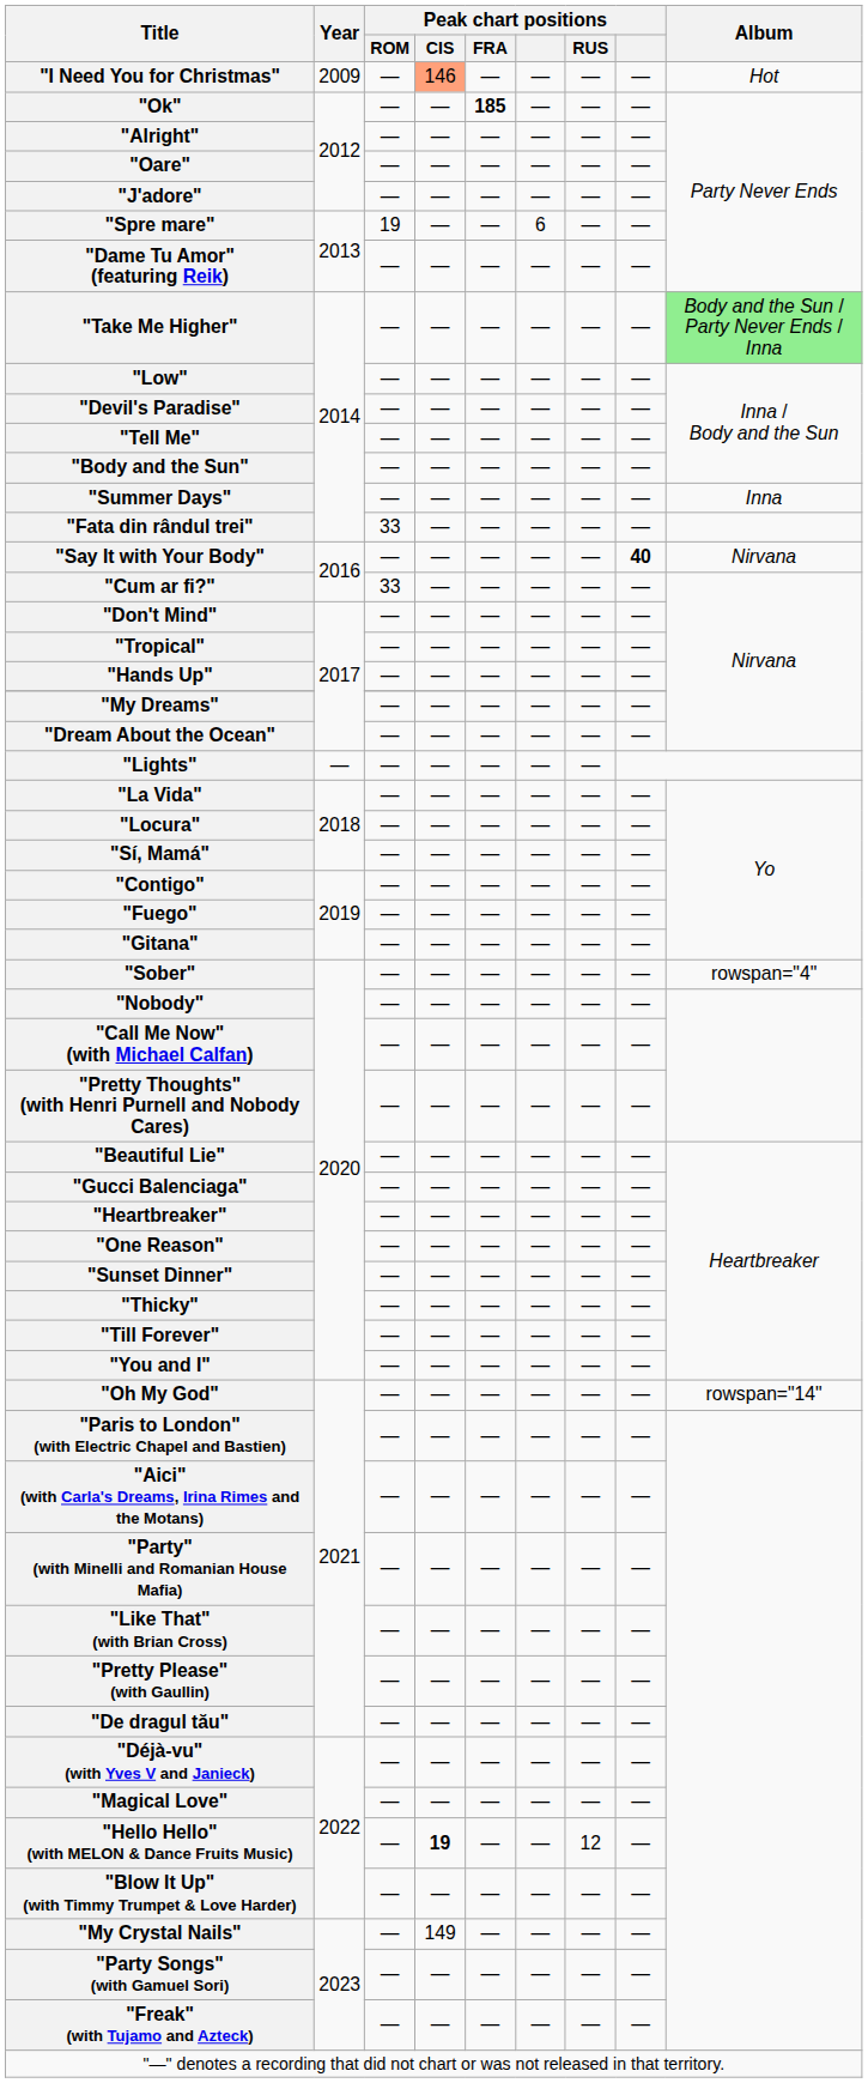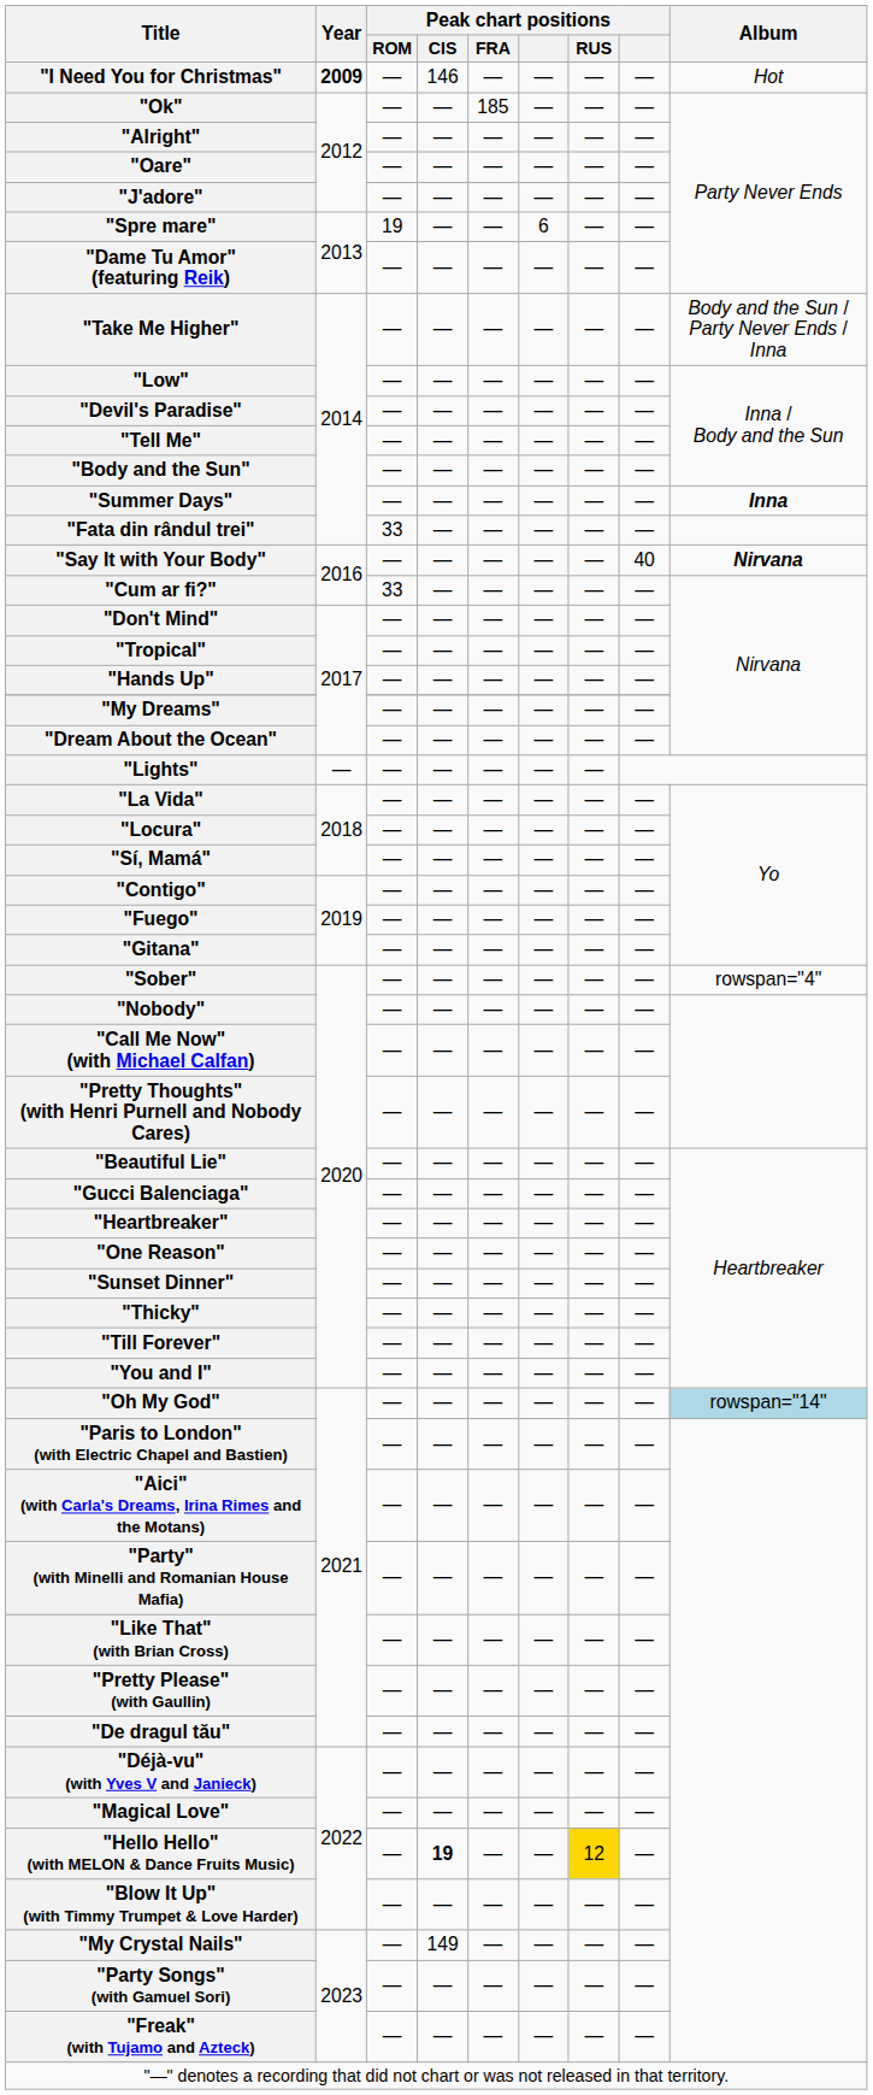 <table class="wikitable plainrowheaders" style="text-align:center;">
 <tr>
 <th scope="col" rowspan="2" style="width:16em;">Title</th>
 <th scope="col" rowspan="2" style="width:1em;">Year</th>
 <th scope="col" colspan="6" style="width:5em;">Peak chart positions</th>
 <th scope="col" rowspan="2" style="width:10em;">Album</th>
 </tr>
 <tr>
 <th scope="col" style="width:2.5em;font-size:90%;">ROM<br></th>
 <th scope="col" style="width:2.5em;font-size:90%;">CIS<br></th>
 <th scope="col" style="width:2.5em;font-size:90%;">FRA<br></th>
 <th scope="col" style="width:2.5em;font-size:90%;"><a href='#'></a><br></th>
 <th scope="col" style="width:2.5em;font-size:90%;">RUS<br></th>
 <th scope="col" style="width:2.5em;font-size:90%;"><a href='#'></a><br></th>
 </tr>
 <tr>
 <th scope="row">"I Need You for Christmas"</th>
-<td rowspan="1">2009</td>
+<td rowspan="1"><strong>2009</strong></td>
 <td>—</td>
-<td style="background: lightsalmon;">146</td>
+<td>146</td>
 <td>—</td>
 <td>—</td>
 <td>—</td>
 <td>—</td>
 <td><em>Hot</em></td>
 </tr>
 <tr>
 <th scope="row">"Ok"</th>
 <td rowspan="4">2012</td>
 <td>—</td>
 <td>—</td>
-<td><strong>185</strong></td>
+<td>185</td>
 <td>—</td>
 <td>—</td>
 <td>—</td>
 <td rowspan="6"><em>Party Never Ends</em></td>
 </tr>
 <tr>
 <th scope="row">"Alright"</th>
 <td>—</td>
 <td>—</td>
 <td>—</td>
 <td>—</td>
 <td>—</td>
 <td>—</td>
 </tr>
 <tr>
 <th scope="row">"Oare"</th>
 <td>—</td>
 <td>—</td>
 <td>—</td>
 <td>—</td>
 <td>—</td>
 <td>—</td>
 </tr>
 <tr>
 <th scope="row">"J'adore"</th>
 <td>—</td>
 <td>—</td>
 <td>—</td>
 <td>—</td>
 <td>—</td>
 <td>—</td>
 </tr>
 <tr>
 <th scope="row">"Spre mare"</th>
 <td rowspan="2">2013</td>
 <td>19</td>
 <td>—</td>
 <td>—</td>
 <td>6</td>
 <td>—</td>
 <td>—</td>
 </tr>
 <tr>
 <th scope="row">"Dame Tu Amor"<br><span>(featuring <a href='#'>Reik</a>)</span></th>
 <td>—</td>
 <td>—</td>
 <td>—</td>
 <td>—</td>
 <td>—</td>
 <td>—</td>
 </tr>
 <tr>
 <th scope="row">"Take Me Higher"</th>
 <td rowspan="7">2014</td>
 <td>—</td>
 <td>—</td>
 <td>—</td>
 <td>—</td>
 <td>—</td>
 <td>—</td>
-<td style="background: lightgreen;"><em>Body and the Sun</em> /<br><em>Party Never Ends</em> /<br> <em>Inna</em></td>
+<td><em>Body and the Sun</em> /<br><em>Party Never Ends</em> /<br> <em>Inna</em></td>
 </tr>
 <tr>
 <th scope="row">"Low"</th>
 <td>—</td>
 <td>—</td>
 <td>—</td>
 <td>—</td>
 <td>—</td>
 <td>—</td>
 <td rowspan="4"><em>Inna</em> /<br><em>Body and the Sun</em></td>
 </tr>
 <tr>
 <th scope="row">"Devil's Paradise"</th>
 <td>—</td>
 <td>—</td>
 <td>—</td>
 <td>—</td>
 <td>—</td>
 <td>—</td>
 </tr>
 <tr>
 <th scope="row">"Tell Me"</th>
 <td>—</td>
 <td>—</td>
 <td>—</td>
 <td>—</td>
 <td>—</td>
 <td>—</td>
 </tr>
 <tr>
 <th scope="row">"Body and the Sun"</th>
 <td>—</td>
 <td>—</td>
 <td>—</td>
 <td>—</td>
 <td>—</td>
 <td>—</td>
 </tr>
 <tr>
 <th scope="row">"Summer Days"</th>
 <td>—</td>
 <td>—</td>
 <td>—</td>
 <td>—</td>
 <td>—</td>
 <td>—</td>
-<td><em>Inna</em></td>
+<td><strong><em>Inna</em></strong></td>
 </tr>
 <tr>
 <th scope="row">"Fata din rândul trei"</th>
 <td>33</td>
 <td>—</td>
 <td>—</td>
 <td>—</td>
 <td>—</td>
 <td>—</td>
 <td></td>
 </tr>
 <tr>
 <th scope="row">"Say It with Your Body"</th>
 <td rowspan="2">2016</td>
 <td>—</td>
 <td>—</td>
 <td>—</td>
 <td>—</td>
 <td>—</td>
-<td><strong>40</strong></td>
-<td><em>Nirvana</em></td>
+<td>40</td>
+<td><strong><em>Nirvana</em></strong></td>
 </tr>
 <tr>
 <th scope="row">"Cum ar fi?"<br></th>
 <td>33</td>
 <td>—</td>
 <td>—</td>
 <td>—</td>
 <td>—</td>
 <td>—</td>
 <td rowspan="7"><em>Nirvana</em></td>
 </tr>
 <tr>
 <th scope="row">"Don't Mind"</th>
 <td rowspan="6">2017</td>
 <td>—</td>
 <td>—</td>
 <td>—</td>
 <td>—</td>
 <td>—</td>
 <td>—</td>
 </tr>
 <tr>
 <th scope="row">"Tropical"</th>
 <td>—</td>
 <td>—</td>
 <td>—</td>
 <td>—</td>
 <td>—</td>
 <td>—</td>
 </tr>
 <tr>
 <th scope="row">"Hands Up"</th>
 <td>—</td>
 <td>—</td>
 <td>—</td>
 <td>—</td>
 <td>—</td>
 <td>—</td>
 </tr>
 <tr>
 </tr>
 <tr>
 <th scope="row">"My Dreams"</th>
 <td>—</td>
 <td>—</td>
 <td>—</td>
 <td>—</td>
 <td>—</td>
 <td>—</td>
 </tr>
 <tr>
 <th scope="row">"Dream About the Ocean"</th>
 <td>—</td>
 <td>—</td>
 <td>—</td>
 <td>—</td>
 <td>—</td>
 <td>—</td>
 </tr>
 <tr>
 <th scope="row">"Lights"</th>
 <td>—</td>
 <td>—</td>
 <td>—</td>
 <td>—</td>
 <td>—</td>
 <td>—</td>
 </tr>
 <tr>
 <th scope="row">"La Vida"</th>
 <td rowspan="3">2018</td>
 <td>—</td>
 <td>—</td>
 <td>—</td>
 <td>—</td>
 <td>—</td>
 <td>—</td>
 <td rowspan="6"><em>Yo</em></td>
 </tr>
 <tr>
 <th scope="row">"Locura"</th>
 <td>—</td>
 <td>—</td>
 <td>—</td>
 <td>—</td>
 <td>—</td>
 <td>—</td>
 </tr>
 <tr>
 <th scope="row">"Sí, Mamá"</th>
 <td>—</td>
 <td>—</td>
 <td>—</td>
 <td>—</td>
 <td>—</td>
 <td>—</td>
 </tr>
 <tr>
 <th scope="row">"Contigo"</th>
 <td rowspan="3">2019</td>
 <td>—</td>
 <td>—</td>
 <td>—</td>
 <td>—</td>
 <td>—</td>
 <td>—</td>
 </tr>
 <tr>
 <th scope="row">"Fuego"</th>
 <td>—</td>
 <td>—</td>
 <td>—</td>
 <td>—</td>
 <td>—</td>
 <td>—</td>
 </tr>
 <tr>
 <th scope="row">"Gitana"</th>
 <td>—</td>
 <td>—</td>
 <td>—</td>
 <td>—</td>
 <td>—</td>
 <td>—</td>
 </tr>
 <tr>
 <th scope="row">"Sober"</th>
 <td rowspan="12">2020</td>
 <td>—</td>
 <td>—</td>
 <td>—</td>
 <td>—</td>
 <td>—</td>
 <td>—</td>
 <td>rowspan="4" </td>
 </tr>
 <tr>
 <th scope="row">"Nobody"</th>
 <td>—</td>
 <td>—</td>
 <td>—</td>
 <td>—</td>
 <td>—</td>
 <td>—</td>
 </tr>
 <tr>
 <th scope="row">"Call Me Now"<br><span>(with <a href='#'>Michael Calfan</a>)</span></th>
 <td>—</td>
 <td>—</td>
 <td>—</td>
 <td>—</td>
 <td>—</td>
 <td>—</td>
 </tr>
 <tr>
 <th scope="row">"Pretty Thoughts"<br><span>(with Henri Purnell and Nobody Cares)</span></th>
 <td>—</td>
 <td>—</td>
 <td>—</td>
 <td>—</td>
 <td>—</td>
 <td>—</td>
 </tr>
 <tr>
 <th scope="row">"Beautiful Lie"</th>
 <td>—</td>
 <td>—</td>
 <td>—</td>
 <td>—</td>
 <td>—</td>
 <td>—</td>
 <td rowspan="8"><em>Heartbreaker</em></td>
 </tr>
 <tr>
 <th scope="row">"Gucci Balenciaga"</th>
 <td>—</td>
 <td>—</td>
 <td>—</td>
 <td>—</td>
 <td>—</td>
 <td>—</td>
 </tr>
 <tr>
 <th scope="row">"Heartbreaker"</th>
 <td>—</td>
 <td>—</td>
 <td>—</td>
 <td>—</td>
 <td>—</td>
 <td>—</td>
 </tr>
 <tr>
 <th scope="row">"One Reason"</th>
 <td>—</td>
 <td>—</td>
 <td>—</td>
 <td>—</td>
 <td>—</td>
 <td>—</td>
 </tr>
 <tr>
 <th scope="row">"Sunset Dinner"</th>
 <td>—</td>
 <td>—</td>
 <td>—</td>
 <td>—</td>
 <td>—</td>
 <td>—</td>
 </tr>
 <tr>
 <th scope="row">"Thicky"</th>
 <td>—</td>
 <td>—</td>
 <td>—</td>
 <td>—</td>
 <td>—</td>
 <td>—</td>
 </tr>
 <tr>
 <th scope="row">"Till Forever"</th>
 <td>—</td>
 <td>—</td>
 <td>—</td>
 <td>—</td>
 <td>—</td>
 <td>—</td>
 </tr>
 <tr>
 <th scope="row">"You and I"</th>
 <td>—</td>
 <td>—</td>
 <td>—</td>
 <td>—</td>
 <td>—</td>
 <td>—</td>
 </tr>
 <tr>
 <th scope="row">"Oh My God"</th>
 <td rowspan="7">2021</td>
 <td>—</td>
 <td>—</td>
 <td>—</td>
 <td>—</td>
 <td>—</td>
 <td>—</td>
-<td>rowspan="14" </td>
+<td style="background: lightblue;">rowspan="14" </td>
 </tr>
 <tr>
 <th scope="row">"Paris to London"<br><small>(with Electric Chapel and Bastien)</small></th>
 <td>—</td>
 <td>—</td>
 <td>—</td>
 <td>—</td>
 <td>—</td>
 <td>—</td>
 </tr>
 <tr>
 <th scope="row">"Aici"<br><small>(with <a href='#'>Carla's Dreams</a>, <a href='#'>Irina Rimes</a> and the Motans)</small></th>
 <td>—</td>
 <td>—</td>
 <td>—</td>
 <td>—</td>
 <td>—</td>
 <td>—</td>
 </tr>
 <tr>
 <th scope="row">"Party"<br><small>(with Minelli and Romanian House Mafia)</small></th>
 <td>—</td>
 <td>—</td>
 <td>—</td>
 <td>—</td>
 <td>—</td>
 <td>—</td>
 </tr>
 <tr>
 <th scope="row">"Like That"<br><small>(with Brian Cross)</small></th>
 <td>—</td>
 <td>—</td>
 <td>—</td>
 <td>—</td>
 <td>—</td>
 <td>—</td>
 </tr>
 <tr>
 <th scope="row">"Pretty Please"<br><small>(with Gaullin)</small></th>
 <td>—</td>
 <td>—</td>
 <td>—</td>
 <td>—</td>
 <td>—</td>
 <td>—</td>
 </tr>
 <tr>
 <th scope="row">"De dragul tău"</th>
 <td>—</td>
 <td>—</td>
 <td>—</td>
 <td>—</td>
 <td>—</td>
 <td>—</td>
 </tr>
 <tr>
 <th scope="row">"Déjà-vu"<br><small>(with <a href='#'>Yves V</a> and <a href='#'>Janieck</a>)</small></th>
 <td rowspan="4">2022</td>
 <td>—</td>
 <td>—</td>
 <td>—</td>
 <td>—</td>
 <td>—</td>
 <td>—</td>
 </tr>
 <tr>
 <th scope="row">"Magical Love"</th>
 <td>—</td>
 <td>—</td>
 <td>—</td>
 <td>—</td>
 <td>—</td>
 <td>—</td>
 </tr>
 <tr>
 <th scope="row">"Hello Hello"<br><small>(with MELON & Dance Fruits Music)</small></th>
 <td>—</td>
 <td><strong>19</strong></td>
 <td>—</td>
 <td>—</td>
-<td>12</td>
+<td style="background: gold;">12</td>
 <td>—</td>
 </tr>
 <tr>
 <th scope="row">"Blow It Up"<br><small>(with Timmy Trumpet & Love Harder)</small></th>
 <td>—</td>
 <td>—</td>
 <td>—</td>
 <td>—</td>
 <td>—</td>
 <td>—</td>
 </tr>
 <tr>
 <th scope="row">"My Crystal Nails"</th>
 <td rowspan="3">2023</td>
 <td>—</td>
 <td>149</td>
 <td>—</td>
 <td>—</td>
 <td>—</td>
 <td>—</td>
 </tr>
 <tr>
 <th scope=row>"Party Songs"<br><small>(with Gamuel Sori)</small></th>
 <td>—</td>
 <td>—</td>
 <td>—</td>
 <td>—</td>
 <td>—</td>
 <td>—</td>
 </tr>
 <tr>
 <th scope=row>"Freak"<br><small>(with <a href='#'>Tujamo</a> and <a href='#'>Azteck</a>)</small></th>
 <td>—</td>
 <td>—</td>
 <td>—</td>
 <td>—</td>
 <td>—</td>
 <td>—</td>
 </tr>
 <tr>
 <td colspan="10" style="font-size:90%">"—" denotes a recording that did not chart or was not released in that territory.</td>
 </tr>
 </table>
